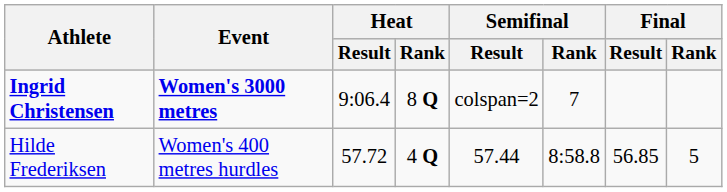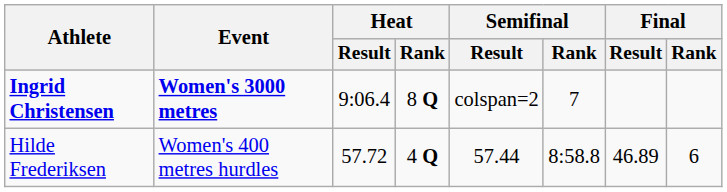 <table class="wikitable" style="font-size:90%; width:40%">
 <tr>
 <th rowspan="2">Athlete</th>
 <th rowspan="2">Event</th>
 <th colspan="2">Heat</th>
 <th colspan="2">Semifinal</th>
 <th colspan="2">Final</th>
 </tr>
 <tr style="font-size:95%">
 <th>Result</th>
 <th>Rank</th>
 <th>Result</th>
 <th>Rank</th>
 <th>Result</th>
 <th>Rank</th>
 </tr>
 <tr align=center>
 <td align=left><strong><a href='#'>Ingrid Christensen</a></strong></td>
 <td align=left><strong><a href='#'>Women's 3000 metres</a></strong></td>
 <td>9:06.4</td>
 <td>8 <strong>Q</strong></td>
 <td>colspan=2 </td>
 <td>7</td>
 <td></td>
 </tr>
 <tr align=center>
 <td align=left><a href='#'>Hilde Frederiksen</a></td>
 <td align=left><a href='#'>Women's 400 metres hurdles</a></td>
 <td>57.72</td>
 <td>4 <strong>Q</strong></td>
 <td>57.44</td>
 <td>8:58.8</td>
-<td>56.85</td>
-<td>5</td>
+<td>46.89</td>
+<td>6</td>
 </tr>
 </table>
